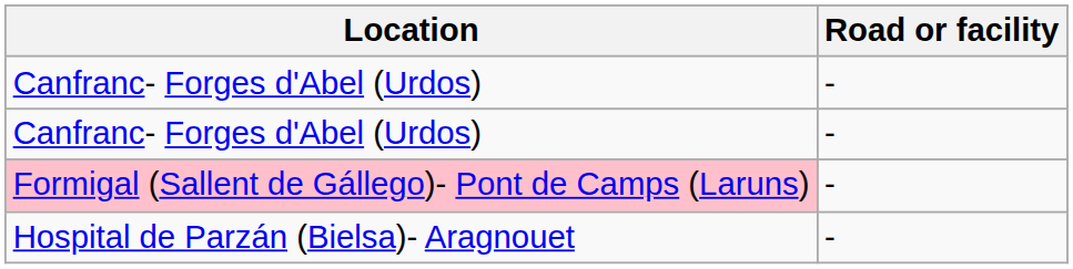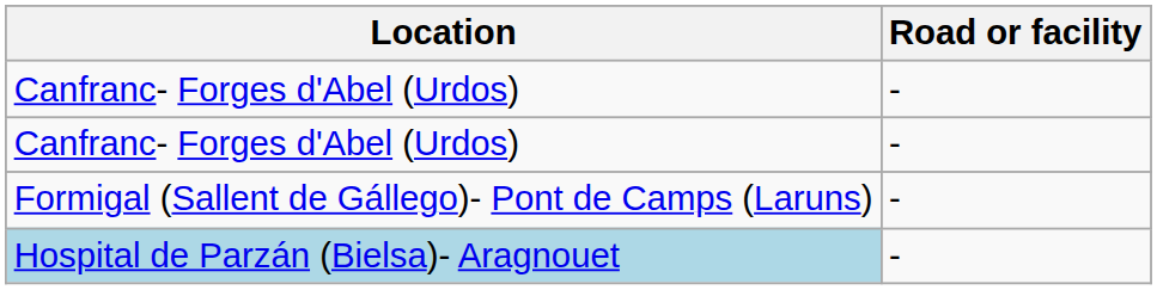 <table class="wikitable">
 <tr>
 <th>Location</th>
 <th>Road or facility</th>
 </tr>
 <tr>
 <td> <a href='#'>Canfranc</a>- <a href='#'>Forges d'Abel</a> (<a href='#'>Urdos</a>)</td>
 <td> - </td>
 </tr>
 <tr>
 <td> <a href='#'>Canfranc</a>- <a href='#'>Forges d'Abel</a> (<a href='#'>Urdos</a>)</td>
 <td> - </td>
 </tr>
 <tr>
-<td style="background: pink;"> <a href='#'>Formigal</a> (<a href='#'>Sallent de Gállego</a>)- <a href='#'>Pont de Camps</a> (<a href='#'>Laruns</a>)</td>
+<td> <a href='#'>Formigal</a> (<a href='#'>Sallent de Gállego</a>)- <a href='#'>Pont de Camps</a> (<a href='#'>Laruns</a>)</td>
 <td> - </td>
 </tr>
 <tr>
-<td> <a href='#'>Hospital de Parzán</a> (<a href='#'>Bielsa</a>)- <a href='#'>Aragnouet</a></td>
+<td style="background: lightblue;"> <a href='#'>Hospital de Parzán</a> (<a href='#'>Bielsa</a>)- <a href='#'>Aragnouet</a></td>
 <td> - </td>
 </tr>
 </table>
